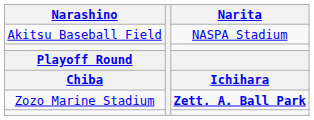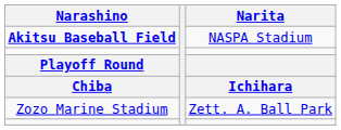 <table class="wikitable" style="text-align:center">
 <tr>
 <th><a href='#'>Narashino</a></th>
 <th colspan="2" rowspan="7"></th>
 <th><a href='#'>Narita</a></th>
 </tr>
 <tr>
-<td><a href='#'>Akitsu Baseball Field</a></td>
+<td><strong><a href='#'>Akitsu Baseball Field</a></strong></td>
 <td><a href='#'>NASPA Stadium</a></td>
 </tr>
 <tr>
 <td></td>
 <td></td>
 </tr>
 <tr>
 <th><a href='#'>Playoff Round</a></th>
 <th></th>
 </tr>
 <tr>
 <th><a href='#'>Chiba</a></th>
 <th><a href='#'>Ichihara</a></th>
 </tr>
 <tr>
 <td><a href='#'>Zozo Marine Stadium</a></td>
-<td><strong><a href='#'>Zett. A. Ball Park</a></strong></td>
+<td><a href='#'>Zett. A. Ball Park</a></td>
 </tr>
 <tr>
 <td></td>
 <td></td>
 </tr>
 </table>
